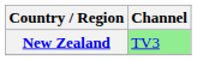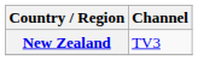 <table class="wikitable plainrowheaders">
 <tr style="background:#B0C4DE;">
 <th scope="col">Country / Region</th>
 <th scope="col">Channel</th>
 </tr>
 <tr>
 <th scope="row"><a href='#'>New Zealand</a></th>
-<td style="background: lightgreen;"><a href='#'>TV3</a></td>
+<td><a href='#'>TV3</a></td>
 </tr>
 <tr>
 </tr>
 </table>
